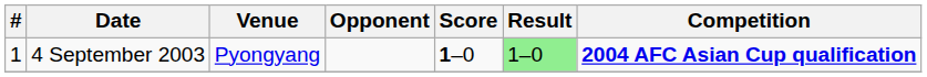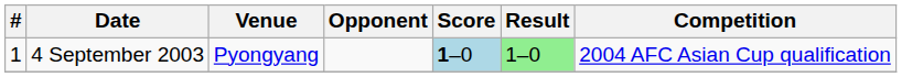 <table class="wikitable">
 <tr>
 <th>#</th>
 <th>Date</th>
 <th>Venue</th>
 <th>Opponent</th>
 <th>Score</th>
 <th>Result</th>
 <th>Competition</th>
 </tr>
 <tr>
 <td>1</td>
 <td>4 September 2003</td>
 <td><a href='#'>Pyongyang</a></td>
 <td></td>
-<td><strong>1</strong>–0</td>
+<td style="background: lightblue;"><strong>1</strong>–0</td>
 <td style="background: lightgreen;">1–0</td>
-<td><strong><a href='#'>2004 AFC Asian Cup qualification</a></strong></td>
+<td><a href='#'>2004 AFC Asian Cup qualification</a></td>
 </tr>
 <tr>
 </tr>
 </table>
